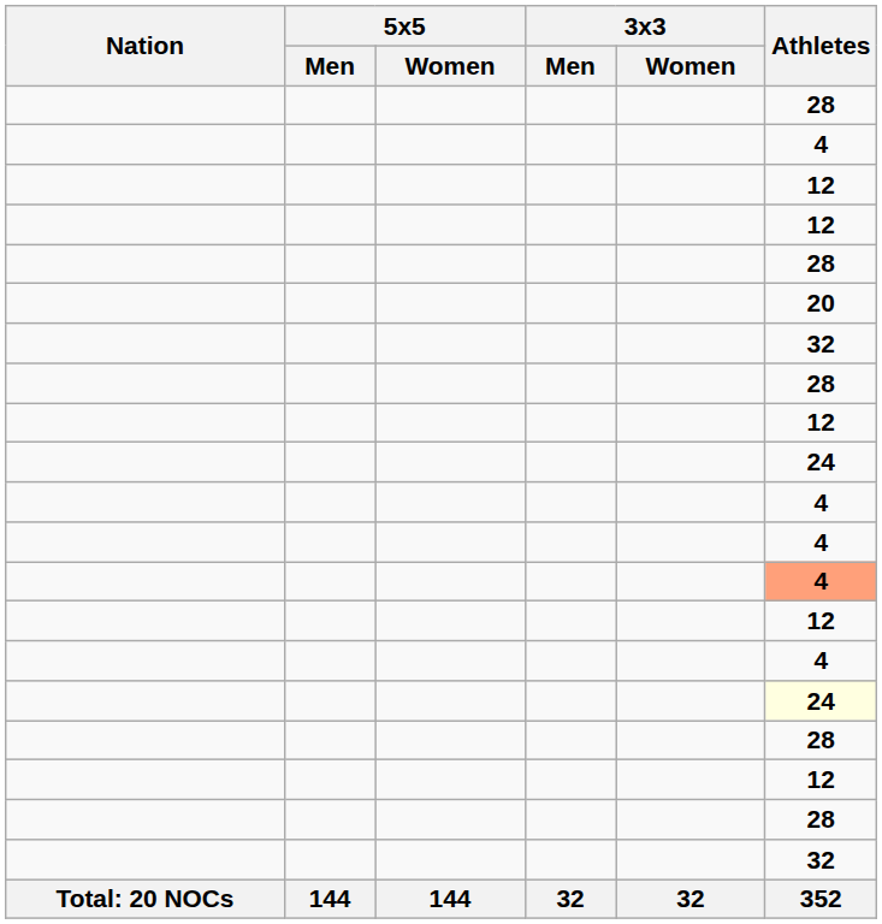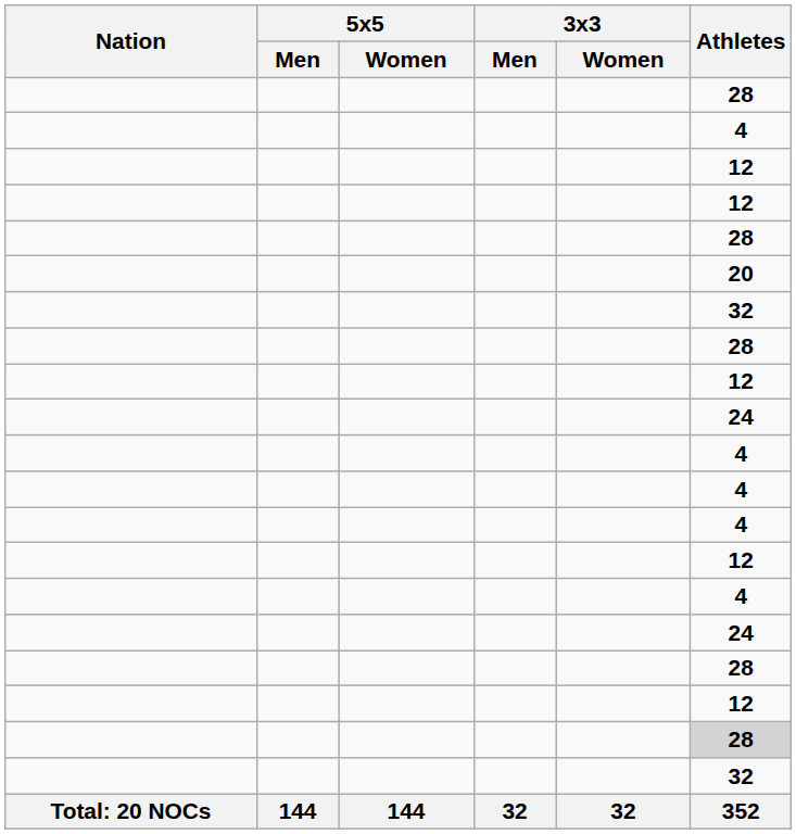 <table class="wikitable sortable" width=500 style="text-align:center; font-size:90%">
 <tr>
 <th rowspan=2>Nation</th>
 <th colspan=2>5x5</th>
 <th colspan=2>3x3</th>
 <th width=55 rowspan=2>Athletes</th>
 </tr>
 <tr>
 <th>Men</th>
 <th>Women</th>
 <th>Men</th>
 <th>Women</th>
 </tr>
 <tr>
 <td style="text-align:left;"></td>
 <td></td>
 <td></td>
 <td></td>
 <td></td>
 <td><strong>28</strong></td>
 </tr>
 <tr>
 <td style="text-align:left;"></td>
 <td></td>
 <td></td>
 <td></td>
 <td></td>
 <td><strong>4</strong></td>
 </tr>
 <tr>
 <td style="text-align:left;"></td>
 <td></td>
 <td></td>
 <td></td>
 <td></td>
 <td><strong>12</strong></td>
 </tr>
 <tr>
 <td style="text-align:left;"></td>
 <td></td>
 <td></td>
 <td></td>
 <td></td>
 <td><strong>12</strong></td>
 </tr>
 <tr>
 <td style="text-align:left;"></td>
 <td></td>
 <td></td>
 <td></td>
 <td></td>
 <td><strong>28</strong></td>
 </tr>
 <tr>
 <td style="text-align:left;"></td>
 <td></td>
 <td></td>
 <td></td>
 <td></td>
 <td><strong>20</strong></td>
 </tr>
 <tr>
 <td style="text-align:left;"></td>
 <td></td>
 <td></td>
 <td></td>
 <td></td>
 <td><strong>32</strong></td>
 </tr>
 <tr>
 <td style="text-align:left;"></td>
 <td></td>
 <td></td>
 <td></td>
 <td></td>
 <td><strong>28</strong></td>
 </tr>
 <tr>
 <td style="text-align:left;"></td>
 <td></td>
 <td></td>
 <td></td>
 <td></td>
 <td><strong>12</strong></td>
 </tr>
 <tr>
 <td style="text-align:left;"></td>
 <td></td>
 <td></td>
 <td></td>
 <td></td>
 <td><strong>24</strong></td>
 </tr>
 <tr>
 <td style="text-align:left;"></td>
 <td></td>
 <td></td>
 <td></td>
 <td></td>
 <td><strong>4</strong></td>
 </tr>
 <tr>
 <td style="text-align:left;"></td>
 <td></td>
 <td></td>
 <td></td>
 <td></td>
 <td><strong>4</strong></td>
 </tr>
 <tr>
 <td style="text-align:left;"></td>
 <td></td>
 <td></td>
 <td></td>
 <td></td>
-<td style="background: lightsalmon;"><strong>4</strong></td>
+<td><strong>4</strong></td>
 </tr>
 <tr>
 <td style="text-align:left;"></td>
 <td></td>
 <td></td>
 <td></td>
 <td></td>
 <td><strong>12</strong></td>
 </tr>
 <tr>
 <td style="text-align:left;"></td>
 <td></td>
 <td></td>
 <td></td>
 <td></td>
 <td><strong>4</strong></td>
 </tr>
 <tr>
 <td style="text-align:left;"></td>
 <td></td>
 <td></td>
 <td></td>
 <td></td>
-<td style="background: lightyellow;"><strong>24</strong></td>
+<td><strong>24</strong></td>
 </tr>
 <tr>
 <td style="text-align:left;"></td>
 <td></td>
 <td></td>
 <td></td>
 <td></td>
 <td><strong>28</strong></td>
 </tr>
 <tr>
 <td style="text-align:left;"></td>
 <td></td>
 <td></td>
 <td></td>
 <td></td>
 <td><strong>12</strong></td>
 </tr>
 <tr>
 <td style="text-align:left;"></td>
 <td></td>
 <td></td>
 <td></td>
 <td></td>
-<td><strong>28</strong></td>
+<td style="background: lightgrey;"><strong>28</strong></td>
 </tr>
 <tr>
 <td style="text-align:left;"></td>
 <td></td>
 <td></td>
 <td></td>
 <td></td>
 <td><strong>32</strong></td>
 </tr>
 <tr>
 <th>Total: 20 NOCs</th>
 <th>144</th>
 <th>144</th>
 <th>32</th>
 <th>32</th>
 <th>352</th>
 </tr>
 </table>
